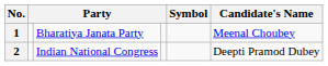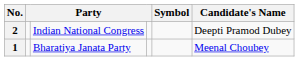 <table class="wikitable sortable">
 <tr>
 <th>No.</th>
 <th colspan="3">Party</th>
 <th>Symbol</th>
 <th>Candidate's Name</th>
+</tr>
+<tr>
+<th>2</th>
+<td style="background:"></td>
+<td><a href='#'>Indian National Congress</a></td>
+<td></td>
+<td></td>
+<td>Deepti Pramod Dubey</td>
 </tr>
 <tr>
 <th>1</th>
 <td style="background:"></td>
 <td><a href='#'>Bharatiya Janata Party</a></td>
 <td></td>
 <td></td>
 <td><a href='#'>Meenal Choubey</a></td>
 </tr>
-<tr>
-<th>2</th>
-<td style="background:"></td>
-<td><a href='#'>Indian National Congress</a></td>
-<td></td>
-<td></td>
-<td>Deepti Pramod Dubey</td>
-</tr>
 </table>
